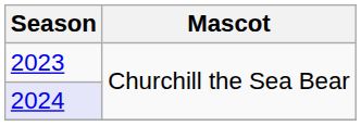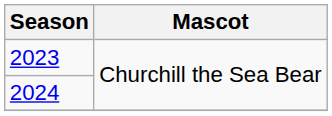 <table class="wikitable">
 <tr>
 <th>Season</th>
 <th>Mascot</th>
 </tr>
 <tr>
 <td><a href='#'>2023</a></td>
 <td rowspan="2">Churchill the Sea Bear</td>
 </tr>
 <tr>
-<td style="background: lavender;"><a href='#'>2024</a></td>
+<td><a href='#'>2024</a></td>
 </tr>
 <tr>
 </tr>
 </table>
